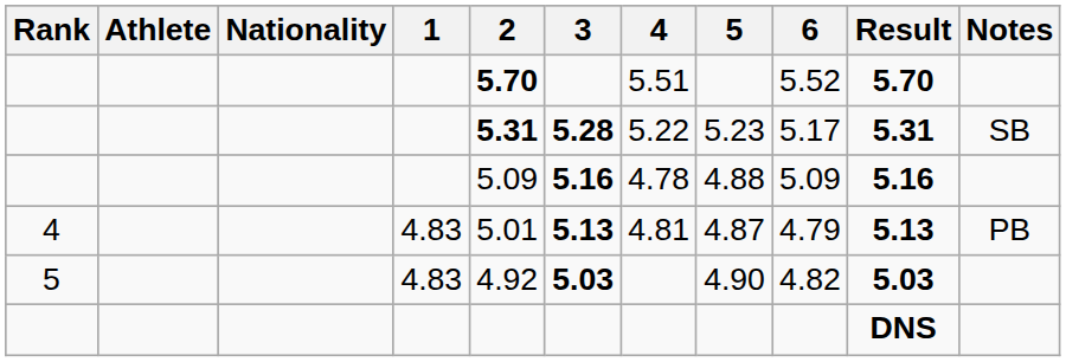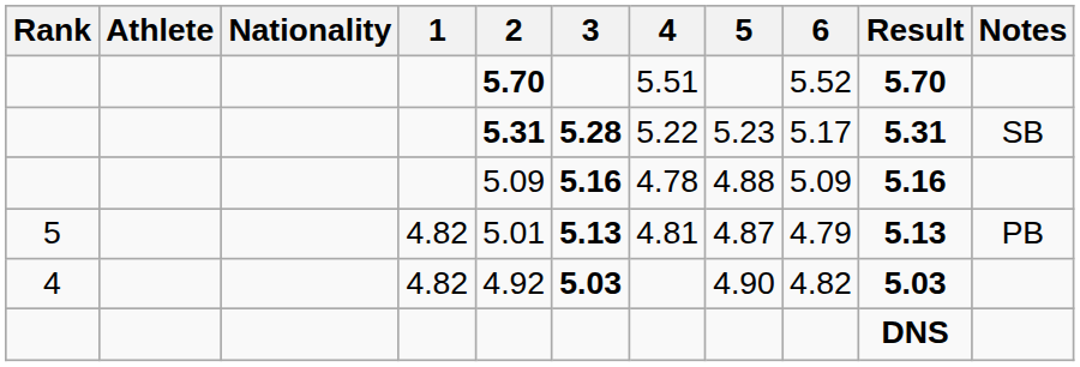 <table class="wikitable sortable" style="text-align:center">
 <tr>
 <th>Rank</th>
 <th>Athlete</th>
 <th>Nationality</th>
 <th width="25">1</th>
 <th width="25">2</th>
 <th width="25">3</th>
 <th width="25">4</th>
 <th width="25">5</th>
 <th width="25">6</th>
 <th>Result</th>
 <th>Notes</th>
 </tr>
 <tr>
 <td></td>
 <td align=left></td>
 <td align="left"></td>
 <td></td>
 <td><strong>5.70</strong></td>
 <td></td>
 <td>5.51</td>
 <td></td>
 <td>5.52</td>
 <td><strong>5.70</strong></td>
 <td></td>
 </tr>
 <tr>
 <td></td>
 <td align=left></td>
 <td align="left"></td>
 <td></td>
 <td><strong>5.31</strong></td>
 <td><strong>5.28</strong></td>
 <td>5.22</td>
 <td>5.23</td>
 <td>5.17</td>
 <td><strong>5.31</strong></td>
 <td>SB</td>
 </tr>
 <tr>
 <td></td>
 <td align=left></td>
 <td align="left"></td>
 <td></td>
 <td>5.09</td>
 <td><strong>5.16</strong></td>
 <td>4.78</td>
 <td>4.88</td>
 <td>5.09</td>
 <td><strong>5.16</strong></td>
 <td></td>
 </tr>
 <tr>
-<td>4</td>
+<td>5</td>
 <td align=left></td>
 <td align="left"></td>
-<td>4.83</td>
+<td>4.82</td>
 <td>5.01</td>
 <td><strong>5.13</strong></td>
 <td>4.81</td>
 <td>4.87</td>
 <td>4.79</td>
 <td><strong>5.13</strong></td>
 <td>PB</td>
 </tr>
 <tr>
-<td>5</td>
+<td>4</td>
 <td align=left></td>
 <td align="left"></td>
-<td>4.83</td>
+<td>4.82</td>
 <td>4.92</td>
 <td><strong>5.03</strong></td>
 <td></td>
 <td>4.90</td>
 <td>4.82</td>
 <td><strong>5.03</strong></td>
 <td></td>
 </tr>
 <tr>
 <td></td>
 <td align=left></td>
 <td align="left"></td>
 <td></td>
 <td></td>
 <td></td>
 <td></td>
 <td></td>
 <td></td>
 <td><strong>DNS</strong></td>
 <td></td>
 </tr>
 </table>
